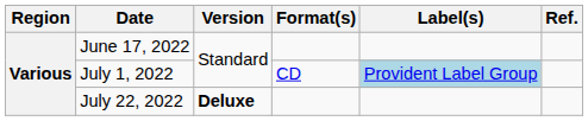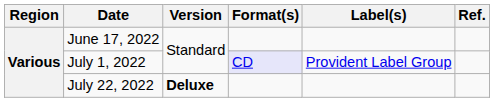 <table class="wikitable plainrowheaders">
 <tr>
 <th scope="col">Region</th>
 <th scope="col">Date</th>
 <th scope="col">Version</th>
 <th scope="col">Format(s)</th>
 <th scope="col">Label(s)</th>
 <th scope="col">Ref.</th>
 </tr>
 <tr>
 <th scope="row" rowspan="3">Various</th>
 <td>June 17, 2022</td>
 <td rowspan="2">Standard</td>
 <td></td>
 <td></td>
 <td></td>
 </tr>
 <tr>
 <td>July 1, 2022</td>
-<td><a href='#'>CD</a></td>
-<td style="background: lightblue;"><a href='#'>Provident Label Group</a></td>
+<td style="background: lavender;"><a href='#'>CD</a></td>
+<td><a href='#'>Provident Label Group</a></td>
 <td></td>
 </tr>
 <tr>
 <td>July 22, 2022</td>
 <td><strong>Deluxe</strong></td>
 <td></td>
 <td></td>
 <td></td>
 </tr>
 </table>
